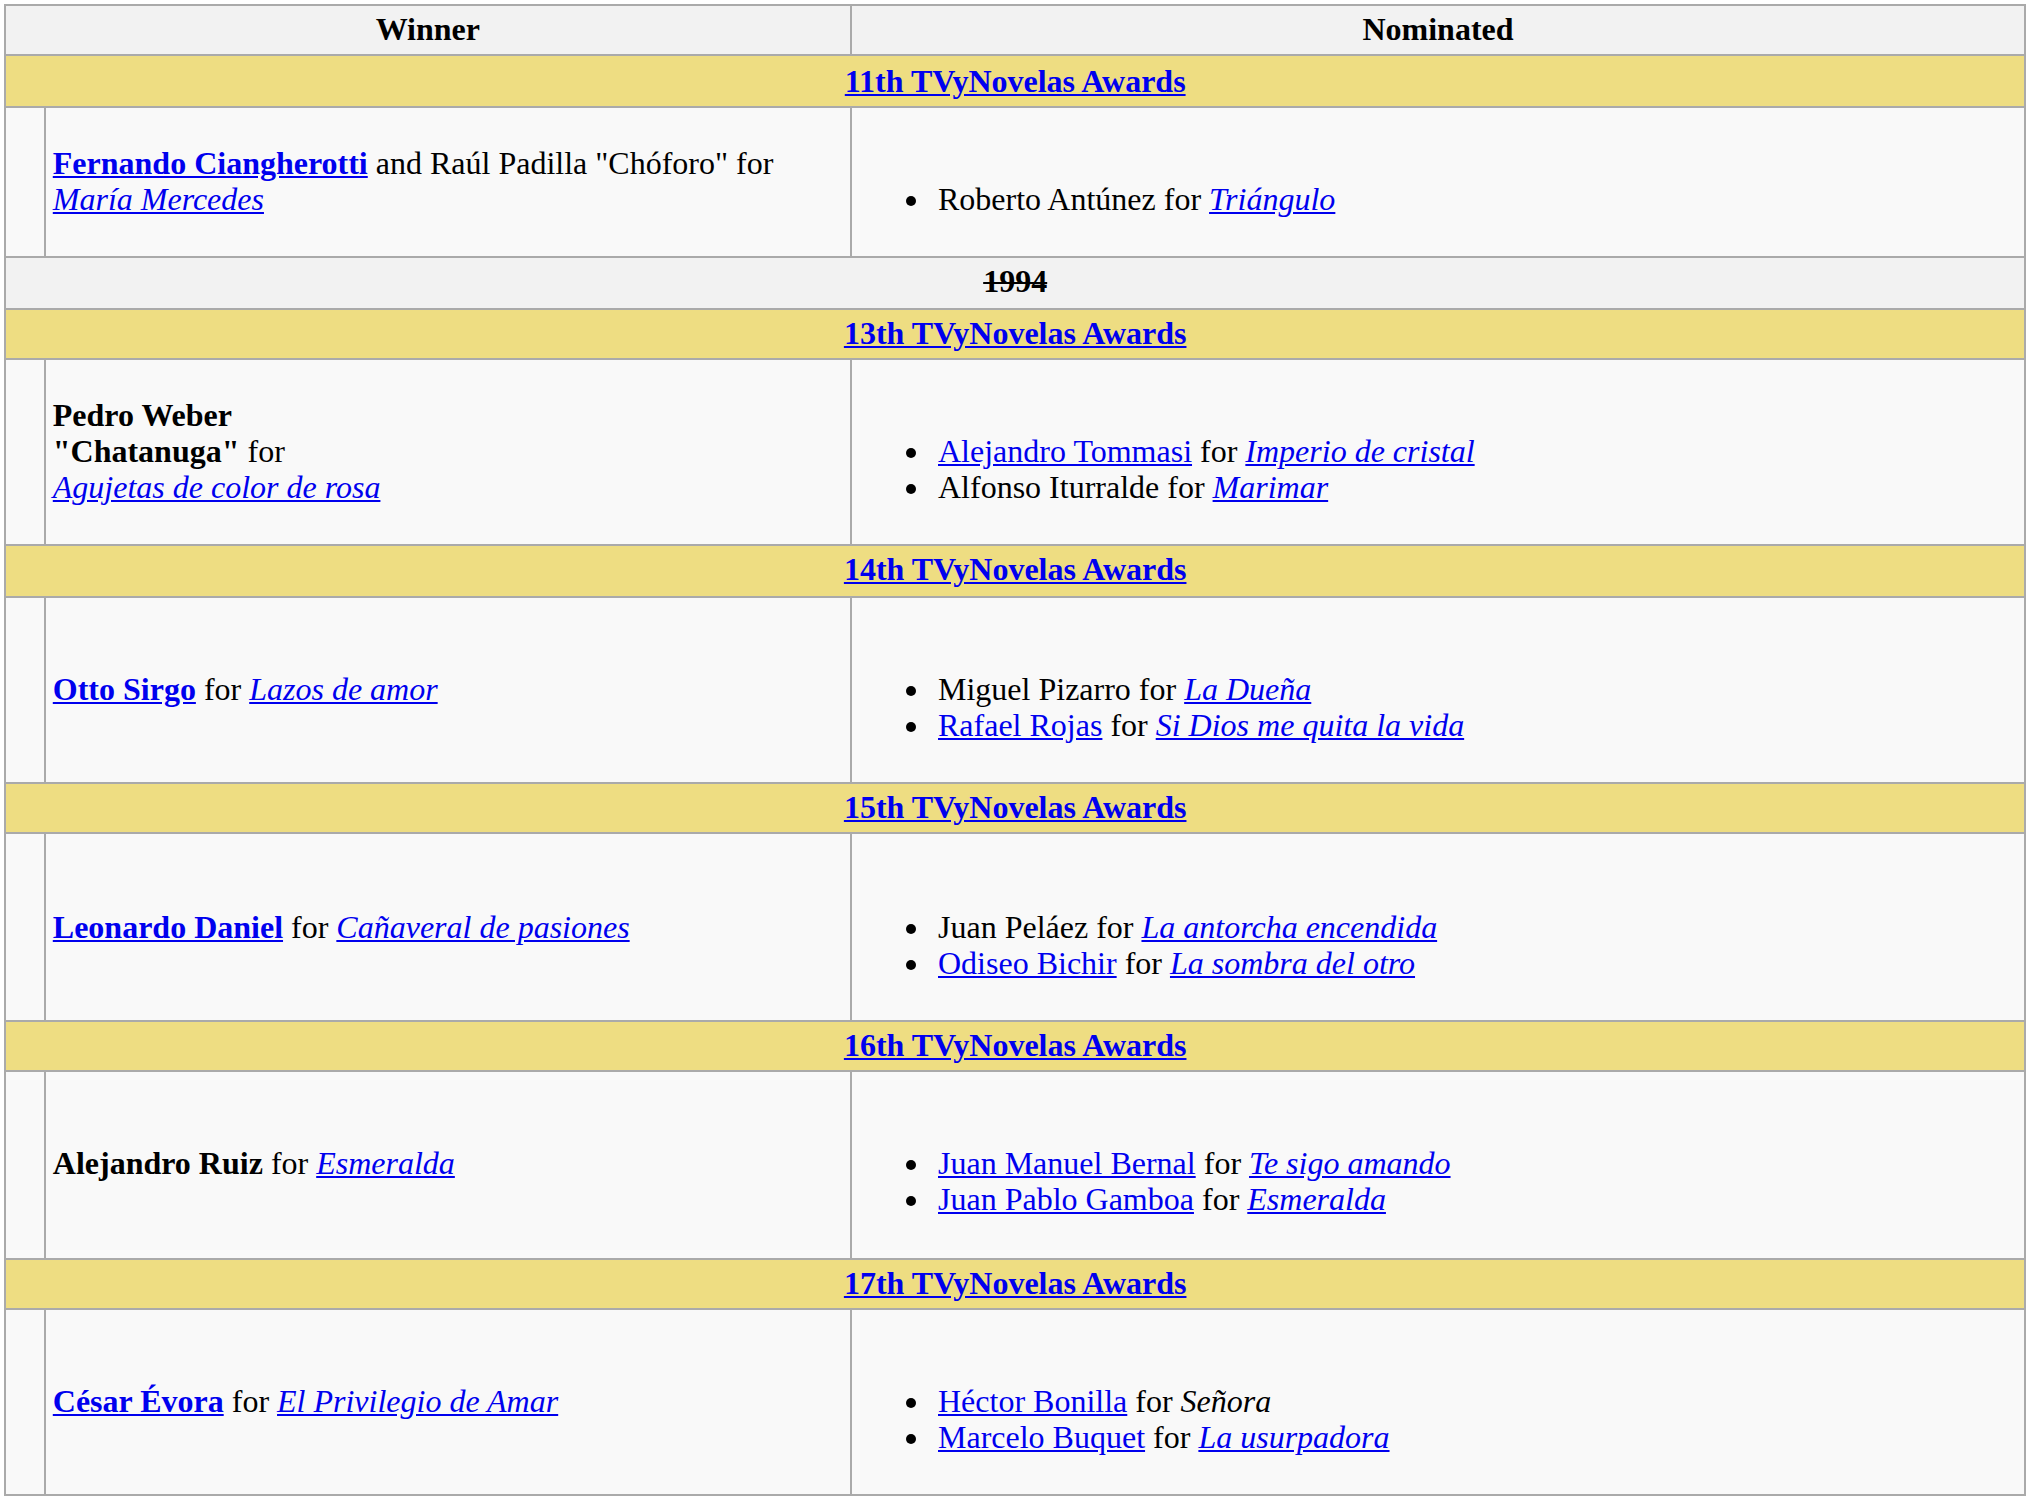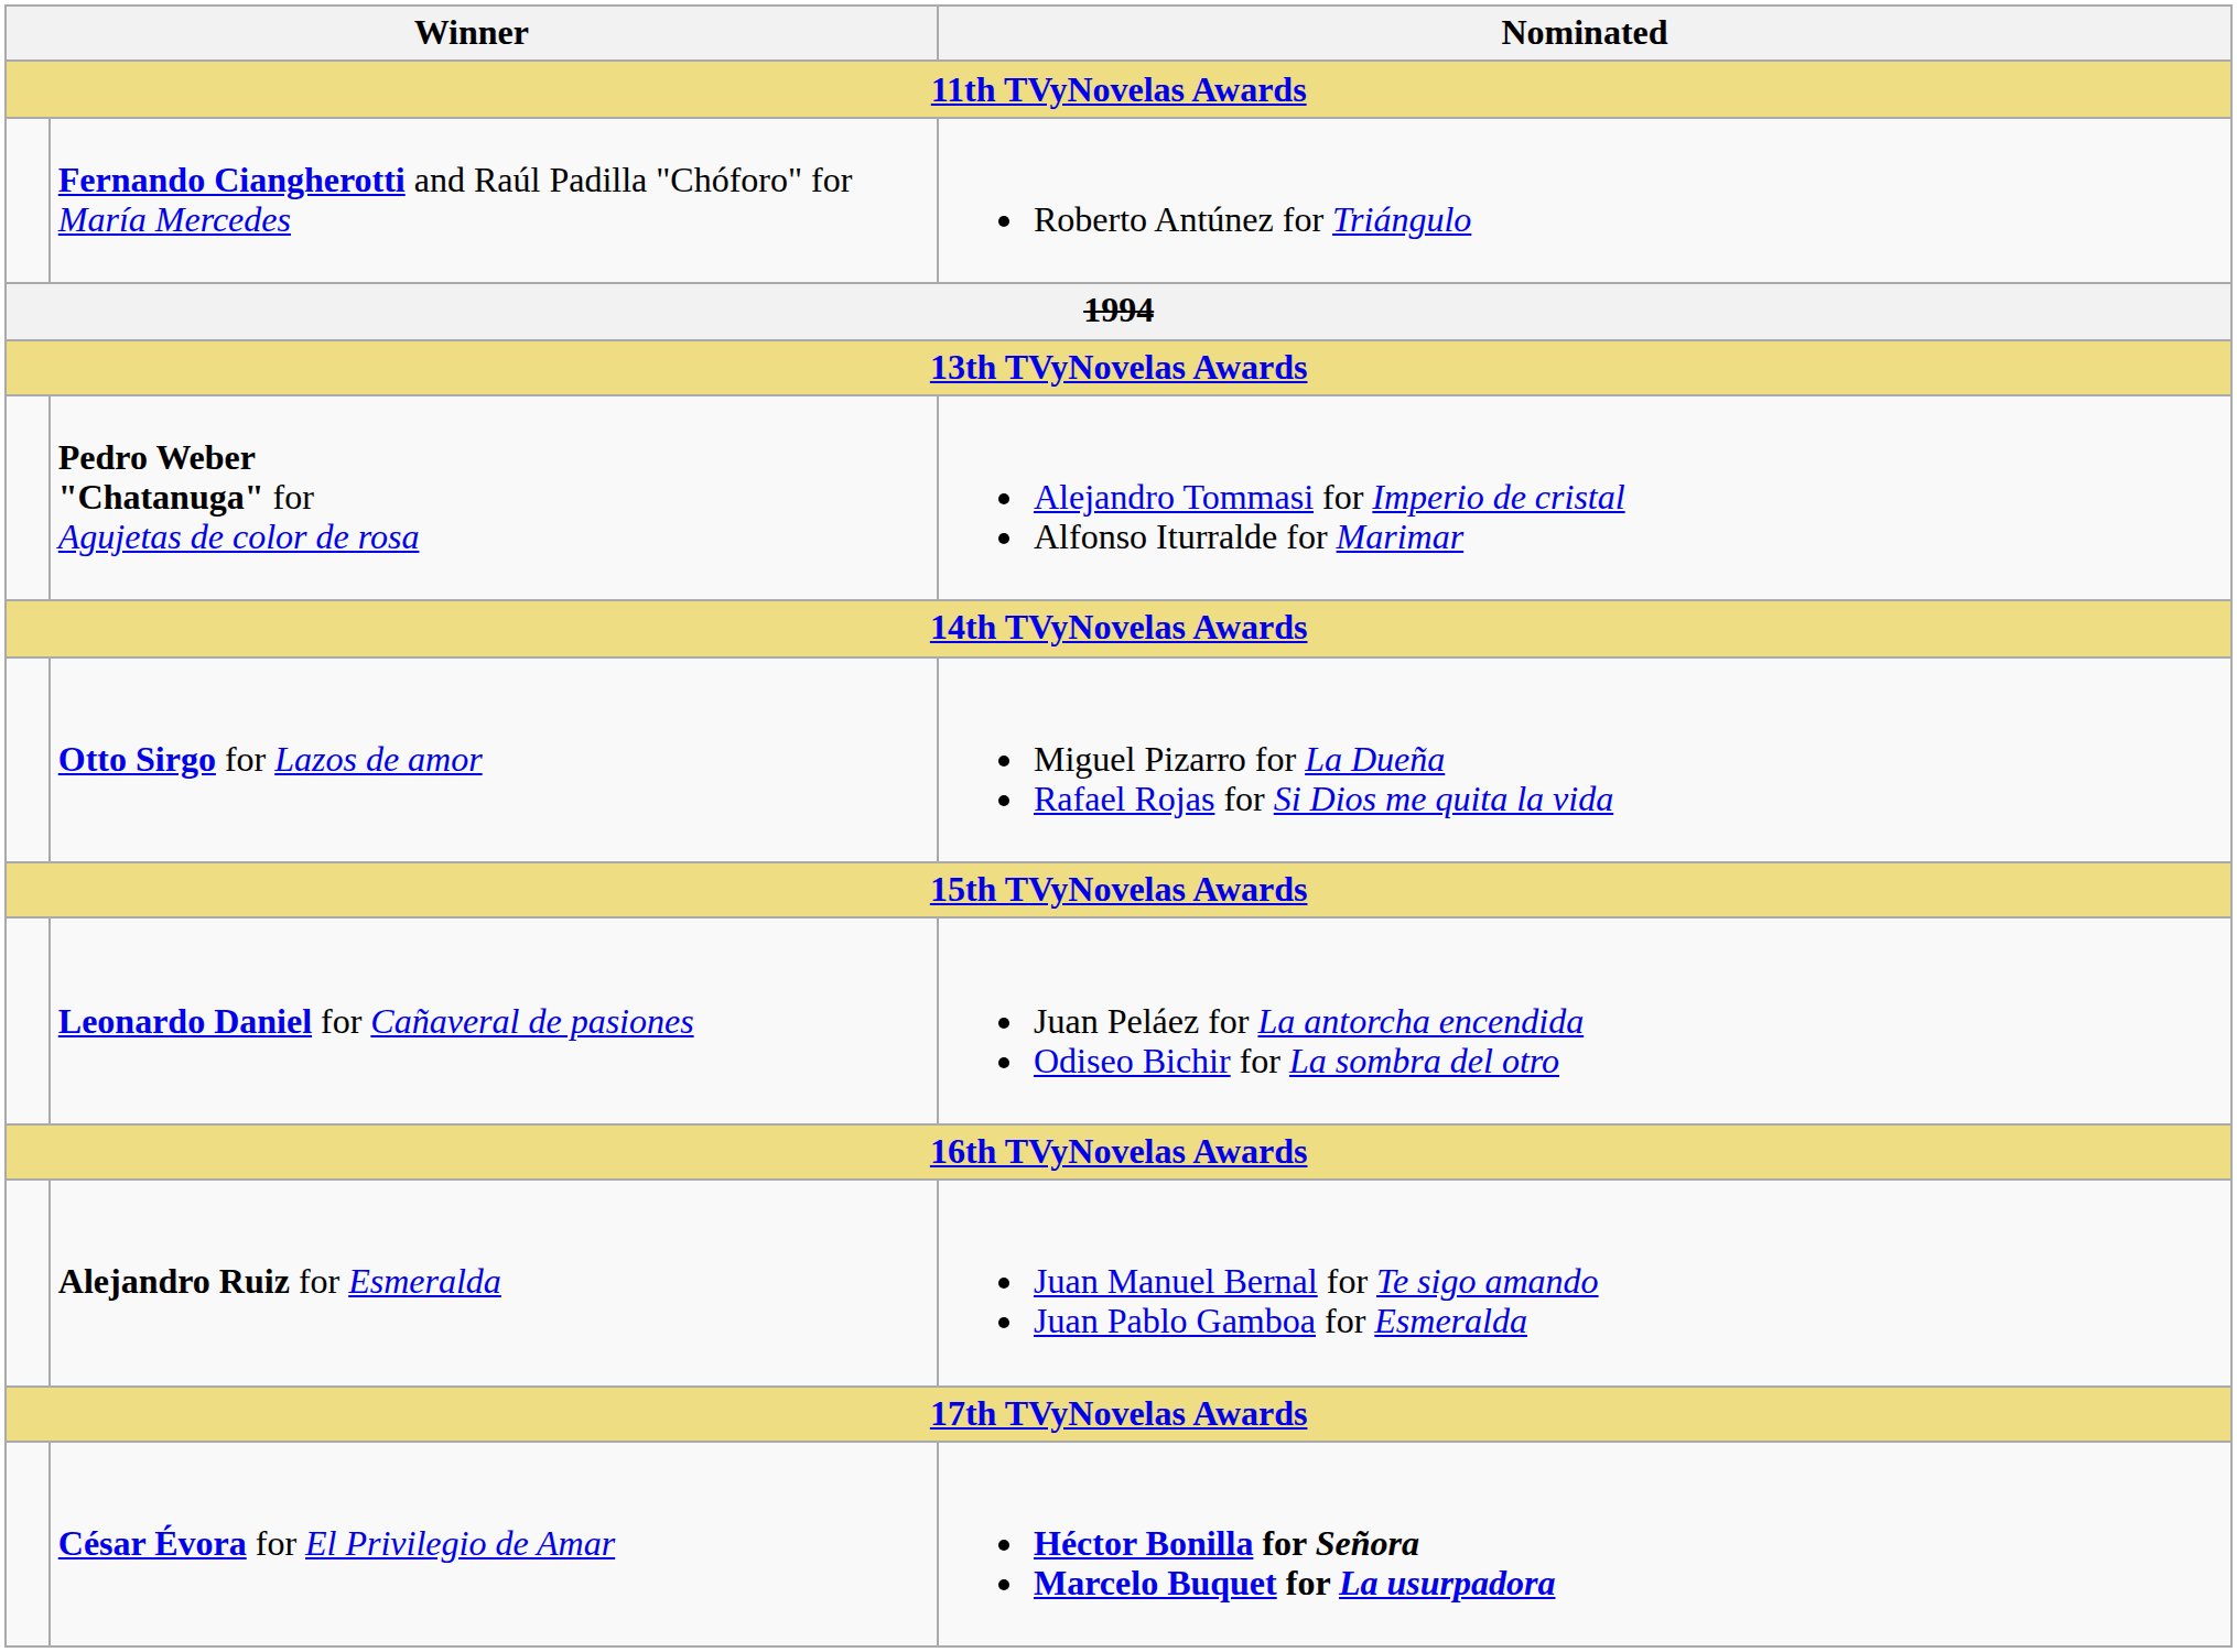 <table class="wikitable" width=80%>
 <tr align=center>
 <th width="150px;" colspan=2; align="center">Winner</th>
 <th width="580px;" align="center">Nominated</th>
 </tr>
 <tr>
 <th colspan=9 style="background:#EEDD82;"  align="center"><strong><a href='#'>11th TVyNovelas Awards</a></strong></th>
 </tr>
 <tr>
 <td width=2%></td>
 <td><strong><a href='#'>Fernando Ciangherotti</a></strong> and Raúl Padilla "Chóforo" for <em><a href='#'>María Mercedes</a></em></td>
 <td><br><ul><li>Roberto Antúnez for <em><a href='#'>Triángulo</a></em></li></ul></td>
 </tr>
 <tr>
 <th colspan=9 align="center"><s>1994</s></th>
 </tr>
 <tr>
 <th colspan=9 style="background:#EEDD82;"  align="center"><strong><a href='#'>13th TVyNovelas Awards</a></strong></th>
 </tr>
 <tr>
 <td width=2%></td>
 <td><strong>Pedro Weber<br> "Chatanuga"</strong> for <br><em><a href='#'>Agujetas de color de rosa</a></em></td>
 <td><br><ul><li><a href='#'>Alejandro Tommasi</a> for <em><a href='#'>Imperio de cristal</a></em></li><li>Alfonso Iturralde for <em><a href='#'>Marimar</a></em></li></ul></td>
 </tr>
 <tr>
 <th colspan=9 style="background:#EEDD82;"  align="center"><strong><a href='#'>14th TVyNovelas Awards</a></strong></th>
 </tr>
 <tr>
 <td width=2%></td>
 <td><strong><a href='#'>Otto Sirgo</a></strong> for <em><a href='#'>Lazos de amor</a></em></td>
 <td><br><ul><li>Miguel Pizarro for <em><a href='#'>La Dueña</a></em></li><li><a href='#'>Rafael Rojas</a> for <em><a href='#'>Si Dios me quita la vida</a></em></li></ul></td>
 </tr>
 <tr>
 <th colspan=9 style="background:#EEDD82;"  align="center"><strong><a href='#'>15th TVyNovelas Awards</a></strong></th>
 </tr>
 <tr>
 <td width=2%></td>
 <td><strong><a href='#'>Leonardo Daniel</a></strong> for <em><a href='#'>Cañaveral de pasiones</a></em></td>
 <td><br><ul><li>Juan Peláez for <em><a href='#'>La antorcha encendida</a></em></li><li><a href='#'>Odiseo Bichir</a>  for <em><a href='#'>La sombra del otro</a></em></li></ul></td>
 </tr>
 <tr>
 <th colspan=9 style="background:#EEDD82;"  align="center"><strong><a href='#'>16th TVyNovelas Awards</a></strong></th>
 </tr>
 <tr>
 <td width=2%></td>
 <td><strong>Alejandro Ruiz</strong> for <em><a href='#'>Esmeralda</a></em></td>
 <td><br><ul><li><a href='#'>Juan Manuel Bernal</a> for <em><a href='#'>Te sigo amando</a></em></li><li><a href='#'>Juan Pablo Gamboa</a> for <em><a href='#'>Esmeralda</a></em></li></ul></td>
 </tr>
 <tr>
 <th colspan=9 style="background:#EEDD82;"  align="center"><strong><a href='#'>17th TVyNovelas Awards</a></strong></th>
 </tr>
 <tr>
 <td width=2%></td>
 <td><strong><a href='#'>César Évora</a></strong> for <em><a href='#'>El Privilegio de Amar</a></em></td>
-<td><br><ul><li><a href='#'>Héctor Bonilla</a> for <em>Señora</em></li><li><a href='#'>Marcelo Buquet</a> for <em><a href='#'>La usurpadora</a></em></li></ul></td>
+<td><strong><br><ul><li><a href='#'>Héctor Bonilla</a> for <em>Señora</em></li><li><a href='#'>Marcelo Buquet</a> for <em><a href='#'>La usurpadora</a></em></li></ul></strong></td>
 </tr>
 </table>
